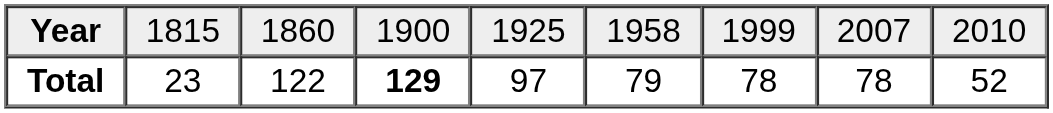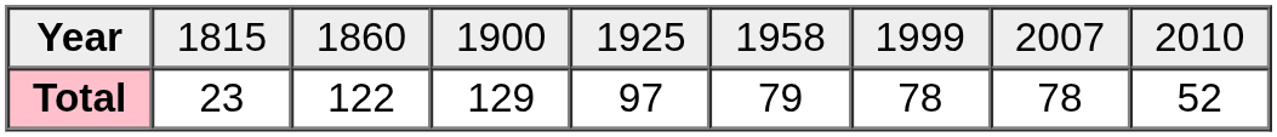 <table border="1" cellpadding="2" cellspacing="0" width="500">
 <tr bgcolor="#eeeeee" align="center">
 <td><strong>Year</strong></td>
 <td>1815</td>
 <td>1860</td>
 <td>1900</td>
 <td>1925</td>
 <td>1958</td>
 <td>1999</td>
 <td>2007</td>
 <td>2010</td>
 </tr>
 <tr align="center">
-<td><strong>Total</strong></td>
+<td style="background: pink;"><strong>Total</strong></td>
 <td>23</td>
 <td>122</td>
-<td><strong>129</strong></td>
+<td>129</td>
 <td>97</td>
 <td>79</td>
 <td>78</td>
 <td>78</td>
 <td>52</td>
 </tr>
 </table>
